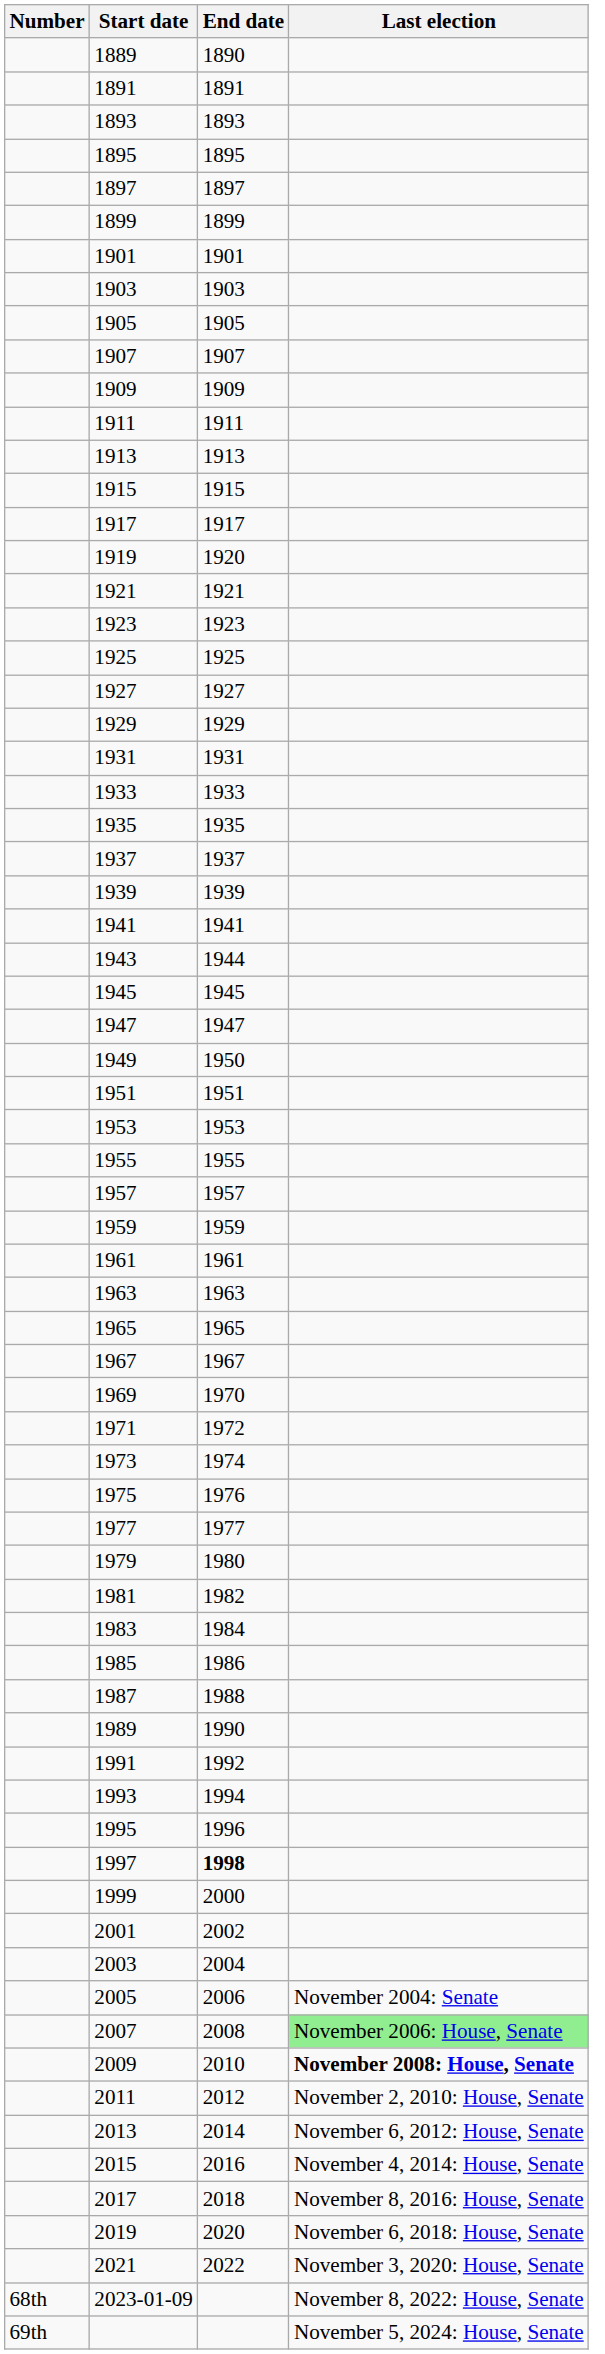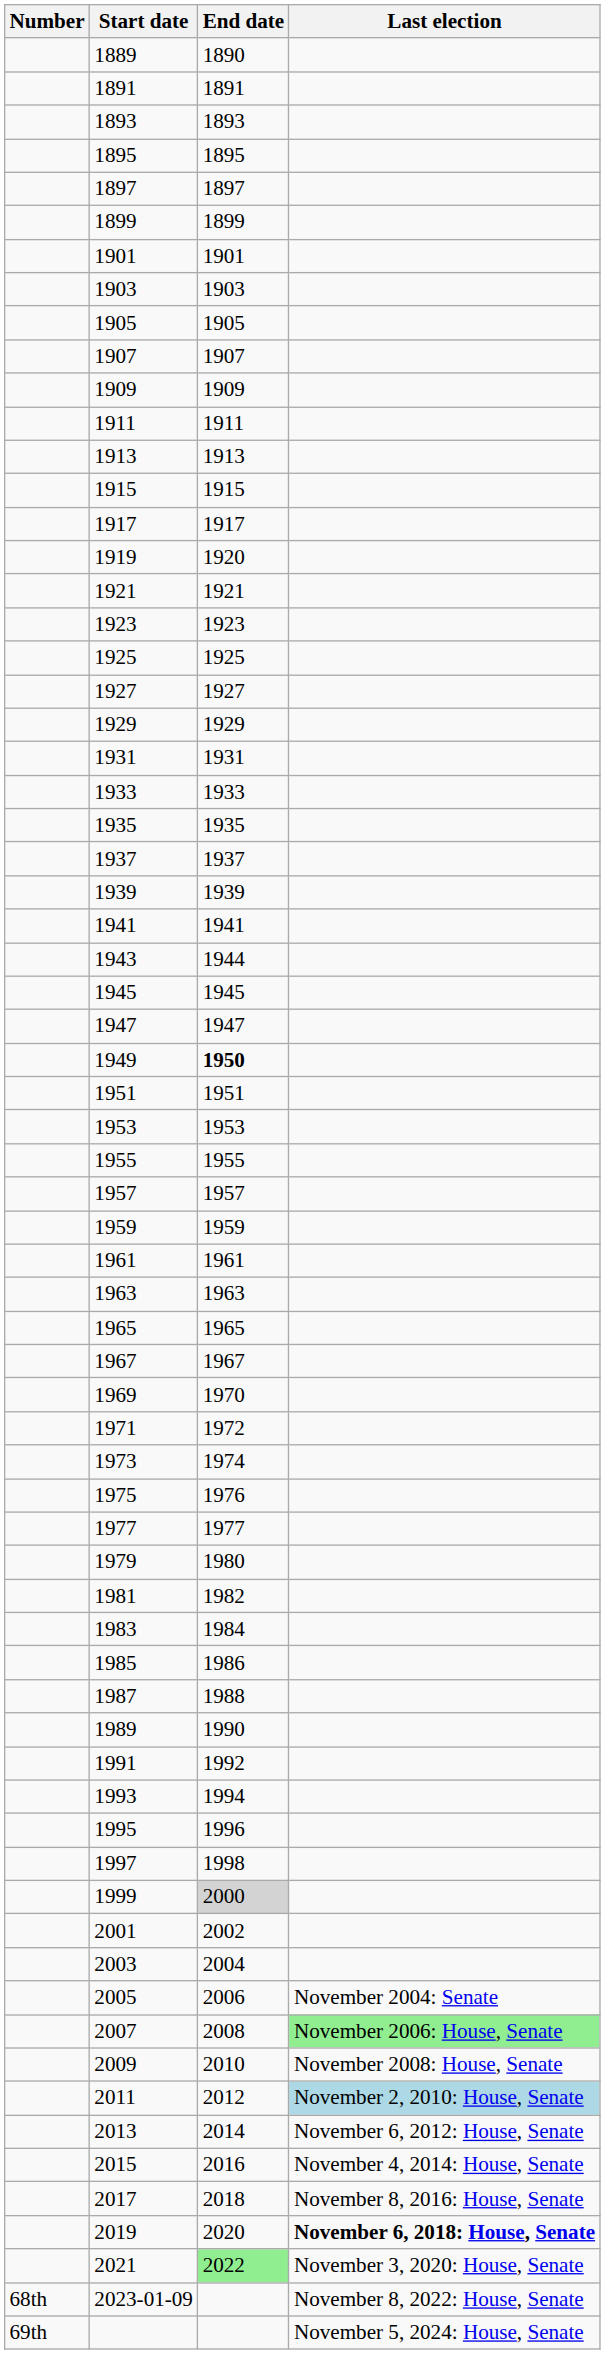 <table class="wikitable mw-datatable sticky-header">
 <tr>
 <th>Number</th>
 <th>Start date</th>
 <th>End date</th>
 <th>Last election</th>
 </tr>
 <tr>
 <td></td>
 <td>1889</td>
 <td>1890</td>
 <td></td>
 </tr>
 <tr>
 <td></td>
 <td>1891</td>
 <td>1891</td>
 <td></td>
 </tr>
 <tr>
 <td></td>
 <td>1893</td>
 <td>1893</td>
 <td></td>
 </tr>
 <tr>
 <td></td>
 <td>1895</td>
 <td>1895</td>
 <td></td>
 </tr>
 <tr>
 <td></td>
 <td>1897</td>
 <td>1897</td>
 <td></td>
 </tr>
 <tr>
 <td></td>
 <td>1899</td>
 <td>1899</td>
 <td></td>
 </tr>
 <tr>
 <td></td>
 <td>1901</td>
 <td>1901</td>
 <td></td>
 </tr>
 <tr>
 <td></td>
 <td>1903</td>
 <td>1903</td>
 <td></td>
 </tr>
 <tr>
 <td></td>
 <td>1905</td>
 <td>1905</td>
 <td></td>
 </tr>
 <tr>
 <td></td>
 <td>1907</td>
 <td>1907</td>
 <td></td>
 </tr>
 <tr>
 <td></td>
 <td>1909</td>
 <td>1909</td>
 <td></td>
 </tr>
 <tr>
 <td></td>
 <td>1911</td>
 <td>1911</td>
 <td></td>
 </tr>
 <tr>
 <td></td>
 <td>1913</td>
 <td>1913</td>
 <td></td>
 </tr>
 <tr>
 <td></td>
 <td>1915</td>
 <td>1915</td>
 <td></td>
 </tr>
 <tr>
 <td></td>
 <td>1917</td>
 <td>1917</td>
 <td></td>
 </tr>
 <tr>
 <td></td>
 <td>1919</td>
 <td>1920</td>
 <td></td>
 </tr>
 <tr>
 <td></td>
 <td>1921</td>
 <td>1921</td>
 <td></td>
 </tr>
 <tr>
 <td></td>
 <td>1923</td>
 <td>1923</td>
 <td></td>
 </tr>
 <tr>
 <td></td>
 <td>1925</td>
 <td>1925</td>
 <td></td>
 </tr>
 <tr>
 <td></td>
 <td>1927</td>
 <td>1927</td>
 <td></td>
 </tr>
 <tr>
 <td></td>
 <td>1929</td>
 <td>1929</td>
 <td></td>
 </tr>
 <tr>
 <td></td>
 <td>1931</td>
 <td>1931</td>
 <td></td>
 </tr>
 <tr>
 <td></td>
 <td>1933</td>
 <td>1933</td>
 <td></td>
 </tr>
 <tr>
 <td></td>
 <td>1935</td>
 <td>1935</td>
 <td></td>
 </tr>
 <tr>
 <td></td>
 <td>1937</td>
 <td>1937</td>
 <td></td>
 </tr>
 <tr>
 <td></td>
 <td>1939</td>
 <td>1939</td>
 <td></td>
 </tr>
 <tr>
 <td></td>
 <td>1941</td>
 <td>1941</td>
 <td></td>
 </tr>
 <tr>
 <td></td>
 <td>1943</td>
 <td>1944</td>
 <td></td>
 </tr>
 <tr>
 <td></td>
 <td>1945</td>
 <td>1945</td>
 <td></td>
 </tr>
 <tr>
 <td></td>
 <td>1947</td>
 <td>1947</td>
 <td></td>
 </tr>
 <tr>
 <td></td>
 <td>1949</td>
-<td>1950</td>
+<td><strong>1950</strong></td>
 <td></td>
 </tr>
 <tr>
 <td></td>
 <td>1951</td>
 <td>1951</td>
 <td></td>
 </tr>
 <tr>
 <td></td>
 <td>1953</td>
 <td>1953</td>
 <td></td>
 </tr>
 <tr>
 <td></td>
 <td>1955</td>
 <td>1955</td>
 <td></td>
 </tr>
 <tr>
 <td></td>
 <td>1957</td>
 <td>1957</td>
 <td></td>
 </tr>
 <tr>
 <td></td>
 <td>1959</td>
 <td>1959</td>
 <td></td>
 </tr>
 <tr>
 <td></td>
 <td>1961</td>
 <td>1961</td>
 <td></td>
 </tr>
 <tr>
 <td></td>
 <td>1963</td>
 <td>1963</td>
 <td></td>
 </tr>
 <tr>
 <td></td>
 <td>1965</td>
 <td>1965</td>
 <td></td>
 </tr>
 <tr>
 <td></td>
 <td>1967</td>
 <td>1967</td>
 <td></td>
 </tr>
 <tr>
 <td></td>
 <td>1969</td>
 <td>1970</td>
 <td></td>
 </tr>
 <tr>
 <td></td>
 <td>1971</td>
 <td>1972</td>
 <td></td>
 </tr>
 <tr>
 <td></td>
 <td>1973</td>
 <td>1974</td>
 <td></td>
 </tr>
 <tr>
 <td></td>
 <td>1975</td>
 <td>1976</td>
 <td></td>
 </tr>
 <tr>
 <td></td>
 <td>1977</td>
 <td>1977</td>
 <td></td>
 </tr>
 <tr>
 <td></td>
 <td>1979</td>
 <td>1980</td>
 <td></td>
 </tr>
 <tr>
 <td></td>
 <td>1981</td>
 <td>1982</td>
 <td></td>
 </tr>
 <tr>
 <td></td>
 <td>1983</td>
 <td>1984</td>
 <td></td>
 </tr>
 <tr>
 <td></td>
 <td>1985</td>
 <td>1986</td>
 <td></td>
 </tr>
 <tr>
 <td></td>
 <td>1987</td>
 <td>1988</td>
 <td></td>
 </tr>
 <tr>
 <td></td>
 <td>1989</td>
 <td>1990</td>
 <td></td>
 </tr>
 <tr>
 <td></td>
 <td>1991</td>
 <td>1992</td>
 <td></td>
 </tr>
 <tr>
 <td></td>
 <td>1993</td>
 <td>1994</td>
 <td></td>
 </tr>
 <tr>
 <td></td>
 <td>1995</td>
 <td>1996</td>
 <td></td>
 </tr>
 <tr>
 <td></td>
 <td>1997</td>
-<td><strong>1998</strong></td>
+<td>1998</td>
 <td></td>
 </tr>
 <tr>
 <td></td>
 <td>1999</td>
-<td>2000</td>
+<td style="background: lightgrey;">2000</td>
 <td></td>
 </tr>
 <tr>
 <td></td>
 <td>2001</td>
 <td>2002</td>
 <td></td>
 </tr>
 <tr>
 <td></td>
 <td>2003</td>
 <td>2004</td>
 <td></td>
 </tr>
 <tr>
 <td></td>
 <td>2005</td>
 <td>2006</td>
 <td>November 2004: <a href='#'>Senate</a></td>
 </tr>
 <tr>
 <td></td>
 <td>2007</td>
 <td>2008</td>
 <td style="background: lightgreen;">November 2006: <a href='#'>House</a>, <a href='#'>Senate</a></td>
 </tr>
 <tr>
 <td></td>
 <td>2009</td>
 <td>2010</td>
-<td><strong>November 2008: <a href='#'>House</a>, <a href='#'>Senate</a></strong></td>
+<td>November 2008: <a href='#'>House</a>, <a href='#'>Senate</a></td>
 </tr>
 <tr>
 <td></td>
 <td>2011</td>
 <td>2012</td>
-<td>November 2, 2010: <a href='#'>House</a>, <a href='#'>Senate</a></td>
+<td style="background: lightblue;">November 2, 2010: <a href='#'>House</a>, <a href='#'>Senate</a></td>
 </tr>
 <tr>
 <td></td>
 <td>2013</td>
 <td>2014</td>
 <td>November 6, 2012: <a href='#'>House</a>, <a href='#'>Senate</a></td>
 </tr>
 <tr>
 <td></td>
 <td>2015</td>
 <td>2016</td>
 <td>November 4, 2014: <a href='#'>House</a>, <a href='#'>Senate</a></td>
 </tr>
 <tr>
 <td></td>
 <td>2017</td>
 <td>2018</td>
 <td>November 8, 2016: <a href='#'>House</a>, <a href='#'>Senate</a></td>
 </tr>
 <tr>
 <td></td>
 <td>2019</td>
 <td>2020</td>
-<td>November 6, 2018: <a href='#'>House</a>, <a href='#'>Senate</a></td>
+<td><strong>November 6, 2018: <a href='#'>House</a>, <a href='#'>Senate</a></strong></td>
 </tr>
 <tr>
 <td></td>
 <td>2021</td>
-<td>2022</td>
+<td style="background: lightgreen;">2022</td>
 <td>November 3, 2020: <a href='#'>House</a>, <a href='#'>Senate</a></td>
 </tr>
 <tr>
 <td>68th</td>
 <td>2023-01-09</td>
 <td></td>
 <td>November 8, 2022: <a href='#'>House</a>, <a href='#'>Senate</a></td>
 </tr>
 <tr>
 <td>69th</td>
 <td></td>
 <td></td>
 <td>November 5, 2024: <a href='#'>House</a>, <a href='#'>Senate</a></td>
 </tr>
 </table>
